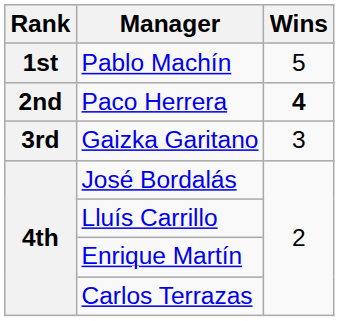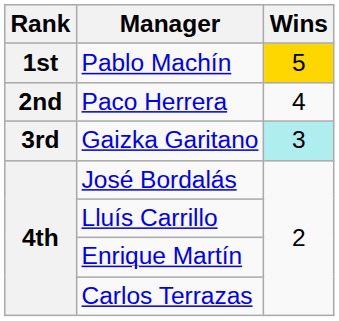 <table class="wikitable plainrowheaders">
 <tr>
 <th scope=col>Rank</th>
 <th scope=col>Manager</th>
 <th scope=col>Wins</th>
 </tr>
 <tr>
 <th scope=row style=text-align:center>1st</th>
 <td> <a href='#'>Pablo Machín</a></td>
-<td align=center>5</td>
+<td align=center style="background: gold;">5</td>
 </tr>
 <tr>
 <th scope=row style=text-align:center>2nd</th>
 <td> <a href='#'>Paco Herrera</a></td>
-<td align=center><strong>4</strong></td>
+<td align=center>4</td>
 </tr>
 <tr>
 <th scope=row style=text-align:center>3rd</th>
 <td> <a href='#'>Gaizka Garitano</a></td>
-<td align=center>3</td>
+<td align=center style="background: paleturquoise;">3</td>
 </tr>
 <tr>
 <th scope=row rowspan=4 style=text-align:center>4th</th>
 <td> <a href='#'>José Bordalás</a></td>
 <td rowspan=4 align=center>2</td>
 </tr>
 <tr>
 <td> <a href='#'>Lluís Carrillo</a></td>
 </tr>
 <tr>
 <td> <a href='#'>Enrique Martín</a></td>
 </tr>
 <tr>
 <td> <a href='#'>Carlos Terrazas</a></td>
 </tr>
 </table>
